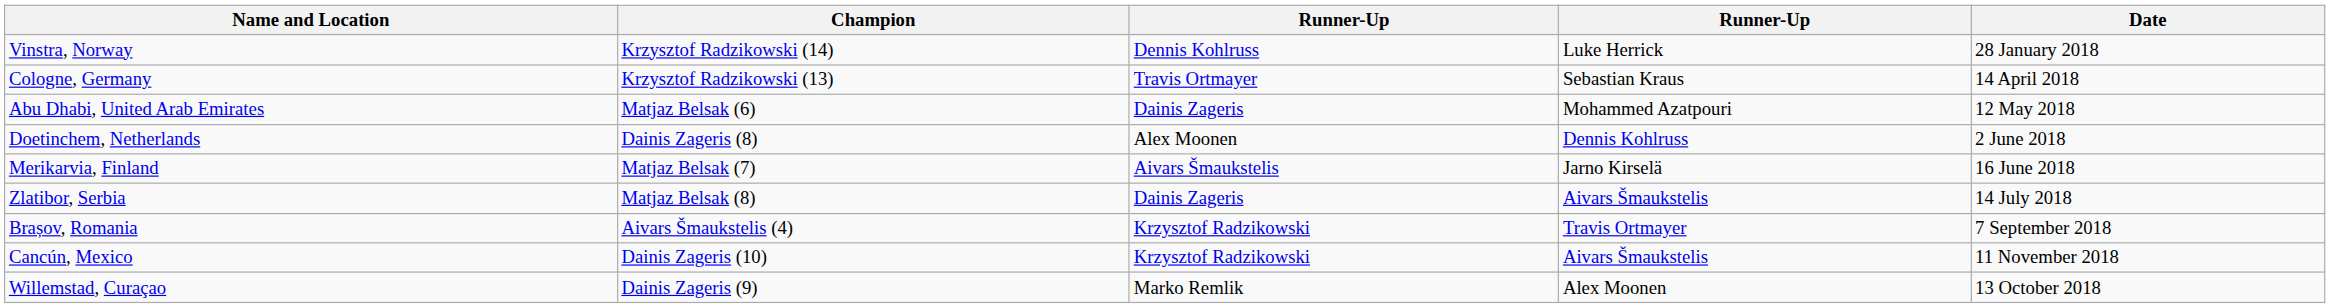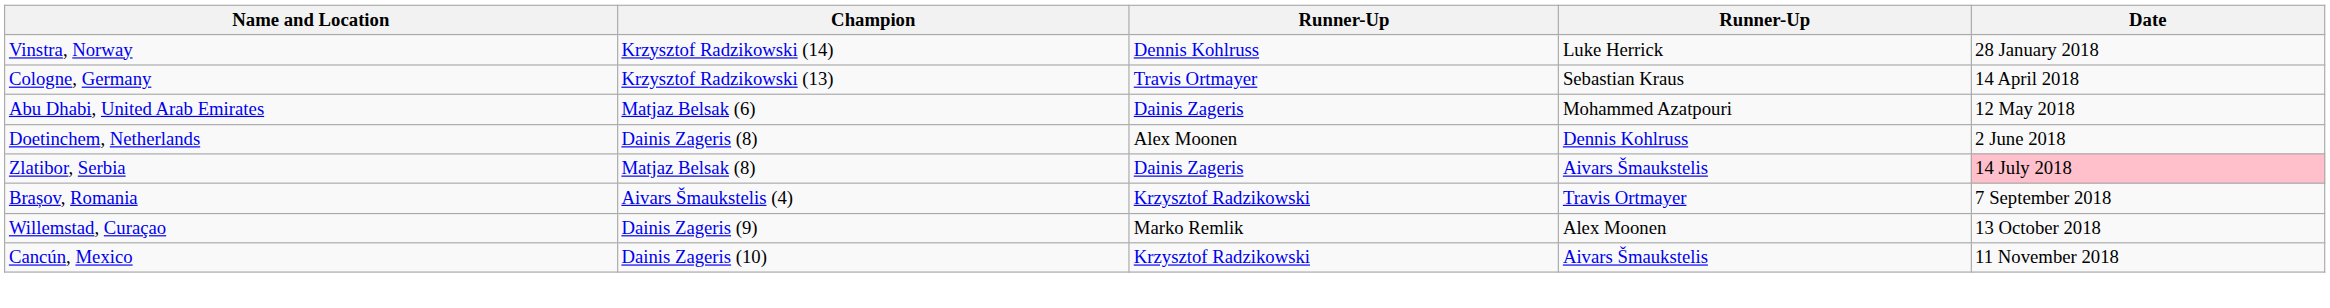 <table class="wikitable" style="display: inline-table;width: 100%;">
 <tr>
 <th scope="col">Name and Location</th>
 <th scope="col">Champion</th>
 <th scope="col">Runner-Up</th>
 <th scope="col">Runner-Up</th>
 <th scope="col">Date</th>
 </tr>
 <tr>
 <td> <a href='#'>Vinstra</a>, <a href='#'>Norway</a><br></td>
 <td> <a href='#'>Krzysztof Radzikowski</a> (14)</td>
 <td> <a href='#'>Dennis Kohlruss</a></td>
 <td> Luke Herrick</td>
 <td>28 January 2018</td>
 </tr>
 <tr>
 <td> <a href='#'>Cologne</a>, <a href='#'>Germany</a><br> </td>
 <td> <a href='#'>Krzysztof Radzikowski</a> (13)</td>
 <td> <a href='#'>Travis Ortmayer</a></td>
 <td> Sebastian Kraus</td>
 <td>14 April 2018</td>
 </tr>
 <tr>
 <td> <a href='#'>Abu Dhabi</a>, <a href='#'>United Arab Emirates</a><br> </td>
 <td> <a href='#'>Matjaz Belsak</a> (6)</td>
 <td> <a href='#'>Dainis Zageris</a></td>
 <td> Mohammed Azatpouri</td>
 <td>12 May 2018</td>
 </tr>
 <tr>
 <td> <a href='#'>Doetinchem</a>, <a href='#'>Netherlands</a><br> </td>
 <td> <a href='#'>Dainis Zageris</a> (8)</td>
 <td> Alex Moonen</td>
 <td> <a href='#'>Dennis Kohlruss</a></td>
 <td>2 June 2018</td>
 </tr>
 <tr>
-<td> <a href='#'>Merikarvia</a>, <a href='#'>Finland</a><br> </td>
-<td> <a href='#'>Matjaz Belsak</a> (7)</td>
-<td> <a href='#'>Aivars Šmaukstelis</a></td>
-<td> Jarno Kirselä</td>
-<td>16 June 2018</td>
-</tr>
-<tr>
 <td> <a href='#'>Zlatibor</a>, <a href='#'>Serbia</a><br> </td>
 <td> <a href='#'>Matjaz Belsak</a> (8)</td>
 <td> <a href='#'>Dainis Zageris</a></td>
 <td> <a href='#'>Aivars Šmaukstelis</a></td>
-<td>14 July 2018</td>
+<td style="background: pink;">14 July 2018</td>
 </tr>
 <tr>
 <td> <a href='#'>Brașov</a>, <a href='#'>Romania</a><br> </td>
 <td> <a href='#'>Aivars Šmaukstelis</a> (4)</td>
 <td> <a href='#'>Krzysztof Radzikowski</a></td>
 <td> <a href='#'>Travis Ortmayer</a></td>
 <td>7 September 2018</td>
 </tr>
 <tr>
+<td> <a href='#'>Willemstad</a>, <a href='#'>Curaçao</a><br> </td>
+<td> <a href='#'>Dainis Zageris</a> (9)</td>
+<td> Marko Remlik</td>
+<td> Alex Moonen</td>
+<td>13 October 2018</td>
+</tr>
+<tr>
 <td> <a href='#'>Cancún</a>, <a href='#'>Mexico</a><br> </td>
 <td> <a href='#'>Dainis Zageris</a> (10)</td>
 <td> <a href='#'>Krzysztof Radzikowski</a></td>
 <td> <a href='#'>Aivars Šmaukstelis</a></td>
 <td>11 November 2018</td>
 </tr>
-<tr>
-<td> <a href='#'>Willemstad</a>, <a href='#'>Curaçao</a><br> </td>
-<td> <a href='#'>Dainis Zageris</a> (9)</td>
-<td> Marko Remlik</td>
-<td> Alex Moonen</td>
-<td>13 October 2018</td>
-</tr>
 </table>
